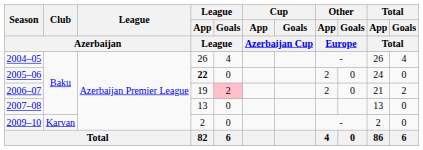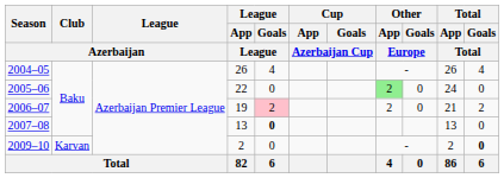 <table class="wikitable">
 <tr>
 <th rowspan=2>Season</th>
 <th ! rowspan=2>Club</th>
 <th ! rowspan=2>League</th>
 <th ! colspan=2>League</th>
 <th ! colspan=2>Cup</th>
 <th ! colspan=2>Other</th>
 <th colspan=3>Total</th>
 </tr>
 <tr>
 <th>App</th>
 <th>Goals</th>
 <th>App</th>
 <th>Goals</th>
 <th>App</th>
 <th>Goals</th>
 <th>App</th>
 <th>Goals</th>
 </tr>
 <tr>
 <th colspan=3>Azerbaijan</th>
 <th ! colspan=2>League</th>
 <th ! colspan=2><a href='#'>Azerbaijan Cup</a></th>
 <th ! colspan=2><a href='#'>Europe</a></th>
 <th colspan=3>Total</th>
 </tr>
 <tr align=center>
 <td><a href='#'>2004–05</a></td>
 <td rowspan="4"><a href='#'>Baku</a></td>
 <td rowspan="5"><a href='#'>Azerbaijan Premier League</a></td>
 <td>26</td>
 <td>4</td>
 <td></td>
 <td></td>
 <td colspan="2">-</td>
 <td>26</td>
 <td>4</td>
 </tr>
 <tr align=center>
 <td><a href='#'>2005–06</a></td>
-<td><strong>22</strong></td>
+<td>22</td>
 <td>0</td>
 <td></td>
 <td></td>
-<td>2</td>
+<td style="background: lightgreen;">2</td>
 <td>0</td>
 <td>24</td>
 <td>0</td>
 </tr>
 <tr align=center>
 <td><a href='#'>2006–07</a></td>
 <td>19</td>
 <td style="background: pink;">2</td>
 <td></td>
 <td></td>
 <td>2</td>
 <td>0</td>
 <td>21</td>
 <td>2</td>
 </tr>
 <tr align=center>
 <td><a href='#'>2007–08</a></td>
 <td>13</td>
-<td>0</td>
+<td><strong>0</strong></td>
 <td></td>
 <td></td>
 <td></td>
 <td></td>
 <td>13</td>
 <td>0</td>
 </tr>
 <tr align=center>
 <td><a href='#'>2009–10</a></td>
 <td><a href='#'>Karvan</a></td>
 <td>2</td>
 <td>0</td>
 <td></td>
 <td></td>
 <td colspan="2">-</td>
 <td>2</td>
-<td>0</td>
+<td><strong>0</strong></td>
 </tr>
 <tr align=center>
 <th colspan="3">Total</th>
 <th>82</th>
 <th>6</th>
 <th></th>
 <th></th>
 <th>4</th>
 <th>0</th>
 <th>86</th>
 <th>6</th>
 </tr>
 </table>
